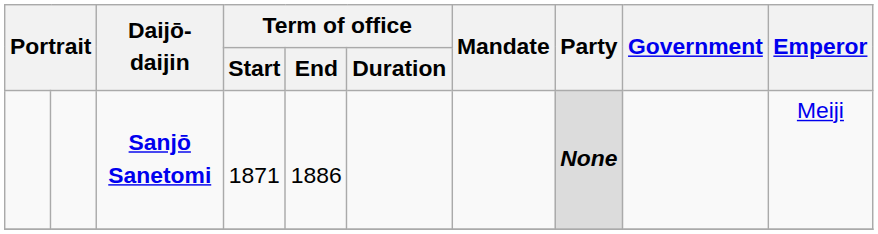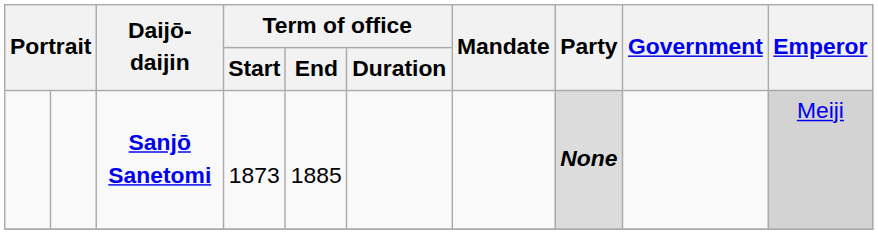 <table class="wikitable" style="line-height:1.4em; text-align:center;">
 <tr>
 <th colspan="2" rowspan="2" scope="col">Portrait</th>
 <th rowspan="2" scope="col">Daijō-daijin<br></th>
 <th colspan="3" scope="colgroup">Term of office</th>
 <th rowspan="2" scope="col">Mandate</th>
 <th rowspan="2" scope="col">Party</th>
 <th rowspan="2" scope="col"><a href='#'>Government</a></th>
 <th rowspan="2" scope="col"><a href='#'>Emperor</a></th>
 </tr>
 <tr>
 <th>Start</th>
 <th>End</th>
 <th>Duration</th>
 </tr>
 <tr>
 <td></td>
 <td></td>
 <td><a href='#'><br><strong>Sanjō Sanetomi</strong></a><br><br></td>
-<td class=nowrap><br>1871</td>
-<td class=nowrap><br>1886</td>
+<td class=nowrap><br>1873</td>
+<td class=nowrap><br>1885</td>
 <td></td>
 <td></td>
 <td bgcolor="Gainsboro"><strong><em>None</em></strong></td>
 <td class=nowrap></td>
-<td style="vertical-align: top;"><a href='#'>Meiji</a></td>
+<td style="background: lightgrey; vertical-align: top;"><a href='#'>Meiji</a></td>
 </tr>
 <tr>
 </tr>
 </table>
